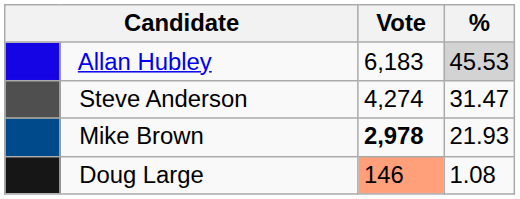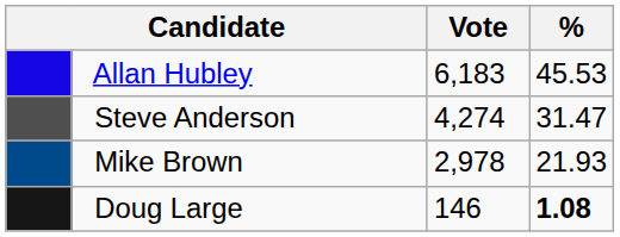 <table class="wikitable">
 <tr>
 <th bgcolor="#DDDDFF" width="230px" colspan="2">Candidate</th>
 <th bgcolor="#DDDDFF" width="50px">Vote</th>
 <th bgcolor="#DDDDFF" width="30px">%</th>
 </tr>
 <tr>
 <td bgcolor=#1505E5 width="30px"> </td>
 <td>  <a href='#'>Allan Hubley</a></td>
 <td>6,183</td>
-<td style="background: lightgrey;">45.53</td>
+<td>45.53</td>
 </tr>
 <tr>
 <td bgcolor=#4F4F4F width="30px"> </td>
 <td>  Steve Anderson</td>
 <td>4,274</td>
 <td>31.47</td>
 </tr>
 <tr>
 <td bgcolor=#004A8B width="30px"> </td>
 <td>  Mike Brown</td>
-<td><strong>2,978</strong></td>
+<td>2,978</td>
 <td>21.93</td>
 </tr>
 <tr>
 <td bgcolor=#161616 width="30px"> </td>
 <td>  Doug Large</td>
-<td style="background: lightsalmon;">146</td>
-<td>1.08</td>
+<td>146</td>
+<td><strong>1.08</strong></td>
 </tr>
 </table>
